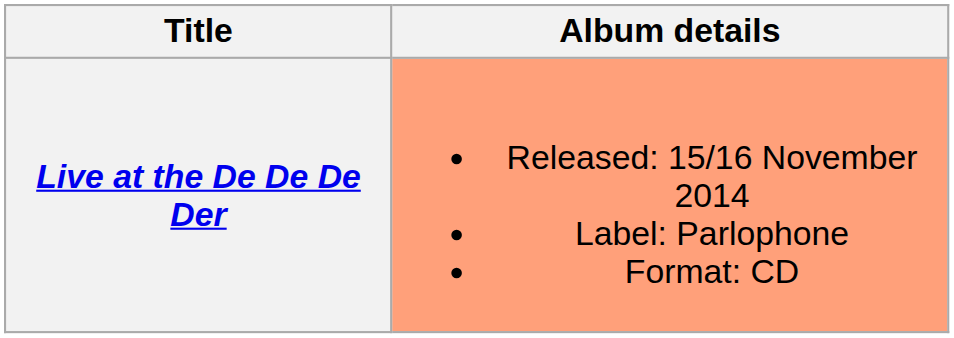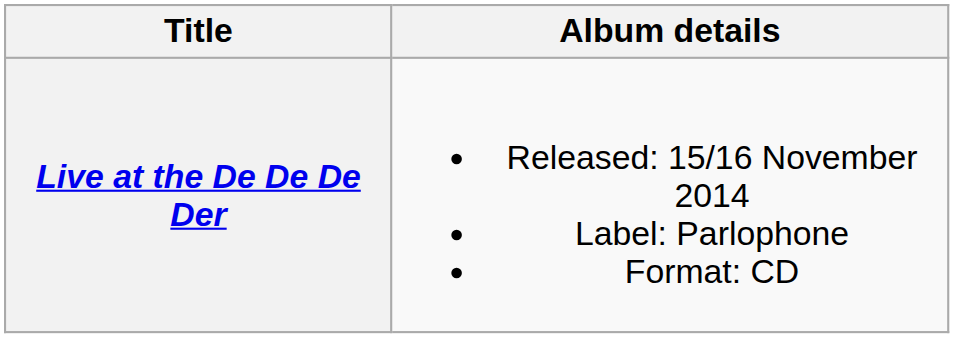 <table class="wikitable plainrowheaders" style="text-align:center;">
 <tr>
 <th scope="col" style="width:11em;">Title</th>
 <th scope="col" style="width:16em;">Album details</th>
 </tr>
 <tr>
 <th scope="row"><em><a href='#'>Live at the De De De Der</a></em></th>
-<td style="background: lightsalmon;"><br><ul><li>Released: 15/16 November 2014</li><li>Label: Parlophone</li><li>Format: CD</li></ul></td>
+<td><br><ul><li>Released: 15/16 November 2014</li><li>Label: Parlophone</li><li>Format: CD</li></ul></td>
 </tr>
 </table>
